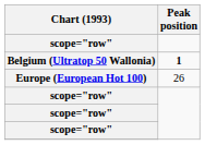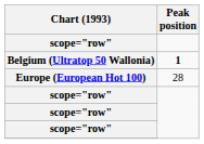 <table class="wikitable sortable plainrowheaders">
 <tr>
 <th>Chart (1993)</th>
 <th>Peak<br>position</th>
 </tr>
 <tr>
 <th>scope="row"</th>
 </tr>
 <tr>
 <th scope="row">Belgium (<a href='#'>Ultratop 50</a> Wallonia)</th>
 <td align="center"><strong>1</strong></td>
 </tr>
 <tr>
 <th scope="row">Europe (<a href='#'>European Hot 100</a>)</th>
-<td align="center">26</td>
+<td align="center">28</td>
 </tr>
 <tr>
 <th>scope="row"</th>
 </tr>
 <tr>
 <th>scope="row"</th>
 </tr>
 <tr>
 <th>scope="row"</th>
 </tr>
 <tr>
 </tr>
 </table>
